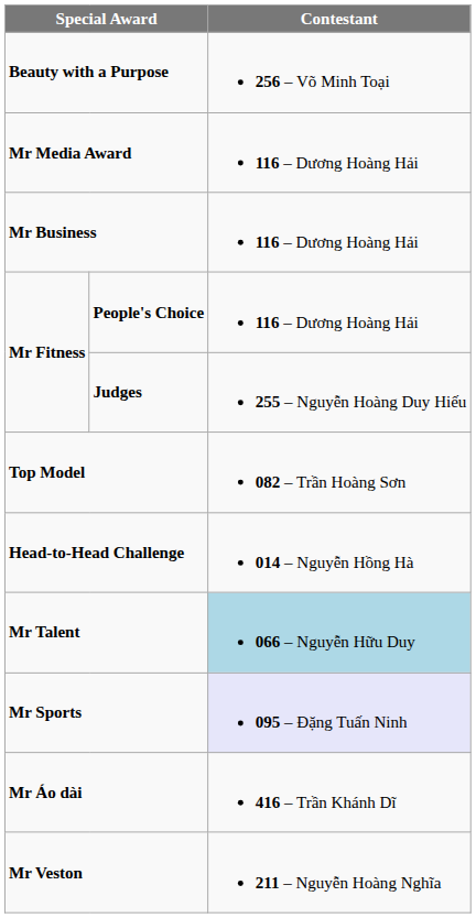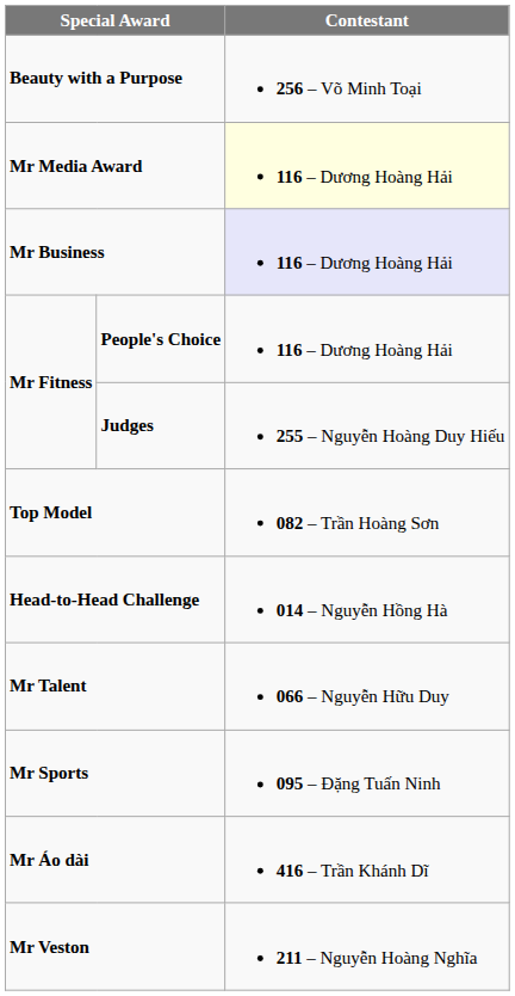 <table class="wikitable sortable" style="font-size: 95%;">
 <tr>
 <th style="background-color:#787878;color:#FFFFFF;" colspan="2">Special Award</th>
 <th style="background-color:#787878;color:#FFFFFF;">Contestant</th>
 </tr>
 <tr>
 <td colspan="2"><strong>Beauty with a Purpose</strong></td>
 <td><br><ul><li><strong>256</strong> – Võ Minh Toại</li></ul></td>
 </tr>
 <tr>
 <td colspan="2"><strong>Mr Media Award</strong></td>
-<td><br><ul><li><strong>116</strong> – Dương Hoàng Hải</li></ul></td>
+<td style="background: lightyellow;"><br><ul><li><strong>116</strong> – Dương Hoàng Hải</li></ul></td>
 </tr>
 <tr>
 <td colspan="2"><strong>Mr Business</strong></td>
-<td><br><ul><li><strong>116</strong> – Dương Hoàng Hải</li></ul></td>
+<td style="background: lavender;"><br><ul><li><strong>116</strong> – Dương Hoàng Hải</li></ul></td>
 </tr>
 <tr>
 <td rowspan="2"><strong>Mr Fitness</strong></td>
 <td><strong>People's Choice</strong></td>
 <td><br><ul><li><strong>116</strong> – Dương Hoàng Hải</li></ul></td>
 </tr>
 <tr>
 <td><strong>Judges</strong></td>
 <td><br><ul><li><strong>255</strong> – Nguyễn Hoàng Duy Hiếu</li></ul></td>
 </tr>
 <tr>
 <td colspan="2"><strong>Top Model</strong></td>
 <td><br><ul><li><strong>082</strong> – Trần Hoàng Sơn</li></ul></td>
 </tr>
 <tr>
 <td colspan="2"><strong>Head-to-Head Challenge</strong></td>
 <td><br><ul><li><strong>014</strong> – Nguyễn Hồng Hà</li></ul></td>
 </tr>
 <tr>
 <td colspan="2"><strong>Mr Talent</strong></td>
-<td style="background: lightblue;"><br><ul><li><strong>066</strong> – Nguyễn Hữu Duy</li></ul></td>
+<td><br><ul><li><strong>066</strong> – Nguyễn Hữu Duy</li></ul></td>
 </tr>
 <tr>
 <td colspan="2"><strong>Mr Sports</strong></td>
-<td style="background: lavender;"><br><ul><li><strong>095</strong> – Đặng Tuấn Ninh</li></ul></td>
+<td><br><ul><li><strong>095</strong> – Đặng Tuấn Ninh</li></ul></td>
 </tr>
 <tr>
 <td colspan="2"><strong>Mr Áo dài</strong></td>
 <td><br><ul><li><strong>416</strong> – Trần Khánh Dĩ</li></ul></td>
 </tr>
 <tr>
 <td colspan="2"><strong>Mr Veston</strong></td>
 <td><br><ul><li><strong>211</strong> – Nguyễn Hoàng Nghĩa</li></ul></td>
 </tr>
 </table>
